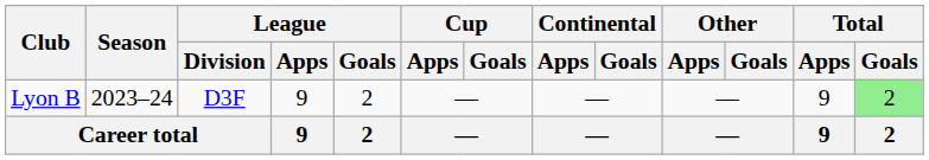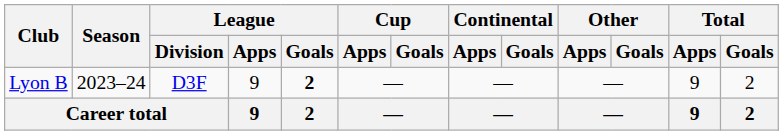 <table class="wikitable" style="text-align: center;">
 <tr>
 <th rowspan="2">Club</th>
 <th rowspan="2">Season</th>
 <th colspan="3">League</th>
 <th colspan="2">Cup</th>
 <th colspan="2">Continental</th>
 <th colspan="2">Other</th>
 <th colspan="2">Total</th>
 </tr>
 <tr>
 <th>Division</th>
 <th>Apps</th>
 <th>Goals</th>
 <th>Apps</th>
 <th>Goals</th>
 <th>Apps</th>
 <th>Goals</th>
 <th>Apps</th>
 <th>Goals</th>
 <th>Apps</th>
 <th>Goals</th>
 </tr>
 <tr>
 <td rowspan="1"><a href='#'>Lyon B</a></td>
 <td>2023–24</td>
 <td><a href='#'>D3F</a></td>
 <td>9</td>
-<td>2</td>
+<td><strong>2</strong></td>
 <td colspan="2">—</td>
 <td colspan="2">—</td>
 <td colspan="2">—</td>
 <td>9</td>
-<td style="background: lightgreen;">2</td>
+<td>2</td>
 </tr>
 <tr>
 <th colspan=3>Career total</th>
 <th>9</th>
 <th>2</th>
 <th colspan="2">—</th>
 <th colspan="2">—</th>
 <th colspan="2">—</th>
 <th>9</th>
 <th>2</th>
 </tr>
 </table>
